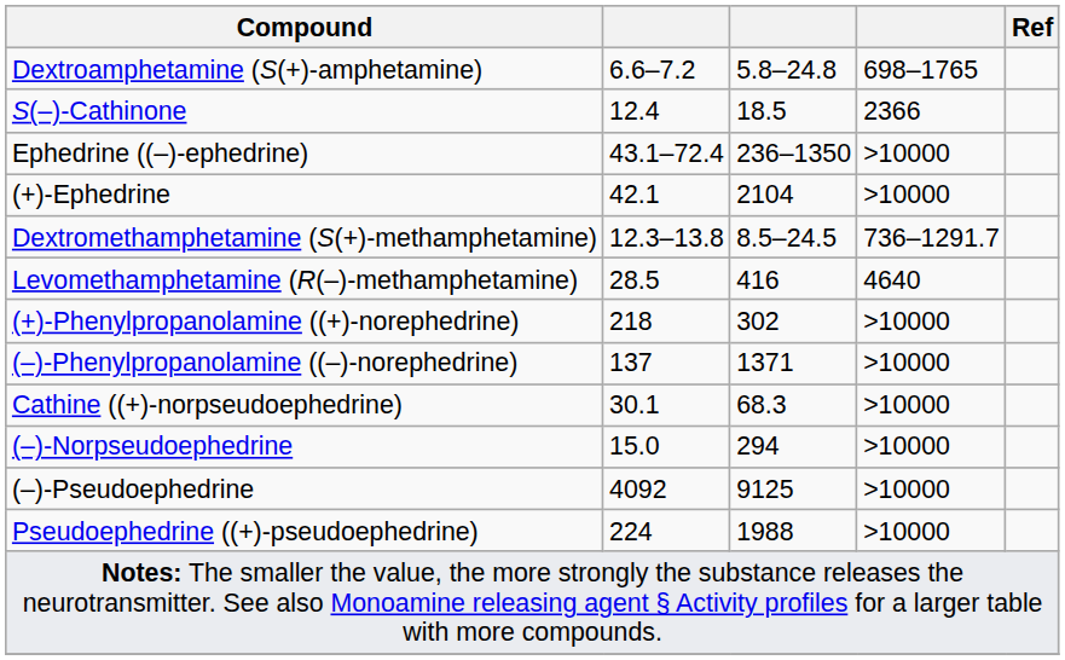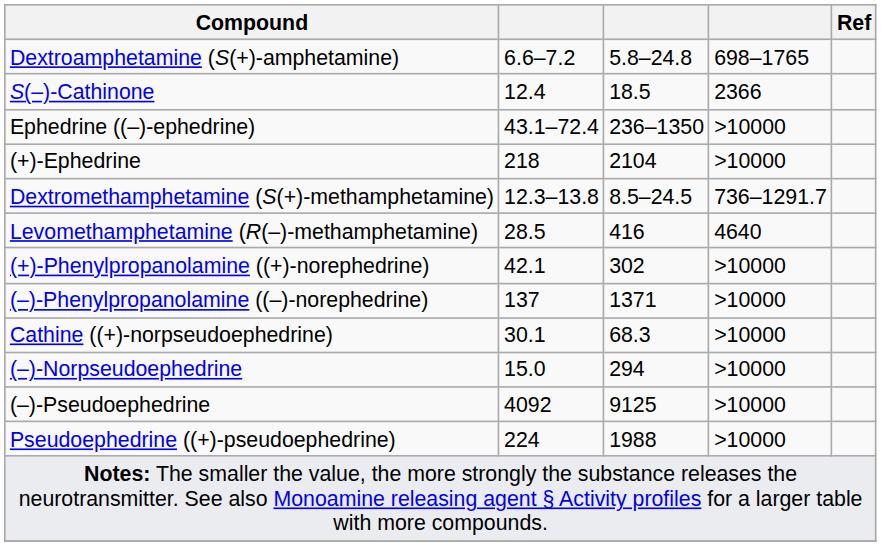 <table class="wikitable sortable floatright" style="font-size:small;">
 <tr>
 <th>Compound</th>
 <th data-sort-type="number"></th>
 <th data-sort-type="number"></th>
 <th data-sort-type="number"></th>
 <th>Ref</th>
 </tr>
 <tr>
 <td><a href='#'>Dextroamphetamine</a> (<em>S</em>(+)-amphetamine)</td>
 <td>6.6–7.2</td>
 <td>5.8–24.8</td>
 <td>698–1765</td>
 <td></td>
 </tr>
 <tr>
 <td><a href='#'><em>S</em>(–)-Cathinone</a></td>
 <td>12.4</td>
 <td>18.5</td>
 <td>2366</td>
 <td></td>
 </tr>
 <tr>
 <td>Ephedrine ((–)-ephedrine)</td>
 <td>43.1–72.4</td>
 <td>236–1350</td>
 <td>>10000</td>
 <td></td>
 </tr>
 <tr>
 <td>(+)-Ephedrine</td>
-<td>42.1</td>
+<td>218</td>
 <td>2104</td>
 <td>>10000</td>
 <td></td>
 </tr>
 <tr>
 <td><a href='#'>Dextromethamphetamine</a> (<em>S</em>(+)-methamphetamine)</td>
 <td>12.3–13.8</td>
 <td>8.5–24.5</td>
 <td>736–1291.7</td>
 <td></td>
 </tr>
 <tr>
 <td><a href='#'>Levomethamphetamine</a> (<em>R</em>(–)-methamphetamine)</td>
 <td>28.5</td>
 <td>416</td>
 <td>4640</td>
 <td></td>
 </tr>
 <tr>
 <td><a href='#'>(+)-Phenylpropanolamine</a> ((+)-norephedrine)</td>
-<td>218</td>
+<td>42.1</td>
 <td>302</td>
 <td>>10000</td>
 <td></td>
 </tr>
 <tr>
 <td><a href='#'>(–)-Phenylpropanolamine</a> ((–)-norephedrine)</td>
 <td>137</td>
 <td>1371</td>
 <td>>10000</td>
 <td></td>
 </tr>
 <tr>
 <td><a href='#'>Cathine</a> ((+)-norpseudoephedrine)</td>
 <td>30.1</td>
 <td>68.3</td>
 <td>>10000</td>
 <td></td>
 </tr>
 <tr>
 <td><a href='#'>(–)-Norpseudoephedrine</a></td>
 <td>15.0</td>
 <td>294</td>
 <td>>10000</td>
 <td></td>
 </tr>
 <tr>
 <td>(–)-Pseudoephedrine</td>
 <td>4092</td>
 <td>9125</td>
 <td>>10000</td>
 <td></td>
 </tr>
 <tr>
 <td><a href='#'>Pseudoephedrine</a> ((+)-pseudoephedrine)</td>
 <td>224</td>
 <td>1988</td>
 <td>>10000</td>
 <td></td>
 </tr>
 <tr>
 <td colspan="7" style="width: 1px; background-color:#eaecf0; text-align: center;"><strong>Notes:</strong> The smaller the value, the more strongly the substance releases the neurotransmitter. See also <a href='#'>Monoamine releasing agent § Activity profiles</a> for a larger table with more compounds.</td>
 </tr>
 <tr>
 </tr>
 </table>
